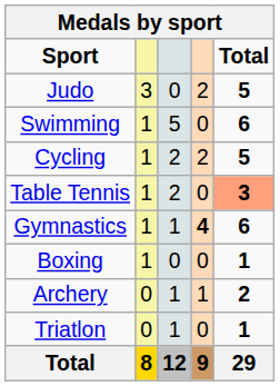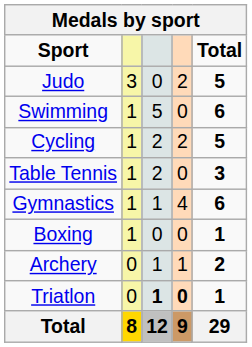 <table class="wikitable" style="font-size:85%">
 <tr style="background:#efefef;">
 <th colspan=5><strong>Medals by sport</strong></th>
 </tr>
 <tr align=center>
 <td><strong>Sport</strong></td>
 <td bgcolor=#f7f6a8></td>
 <td bgcolor=#dce5e5></td>
 <td bgcolor=#ffdab9></td>
 <td><strong>Total</strong></td>
 </tr>
 <tr align=center>
 <td><a href='#'>Judo</a></td>
 <td style="background:#F7F6A8;">3</td>
 <td style="background:#DCE5E5;">0</td>
 <td style="background:#FFDAB9;">2</td>
 <td><strong>5</strong></td>
 </tr>
 <tr align=center>
 <td><a href='#'>Swimming</a></td>
 <td style="background:#F7F6A8;">1</td>
 <td style="background:#DCE5E5;">5</td>
 <td style="background:#FFDAB9;">0</td>
 <td><strong>6</strong></td>
 </tr>
 <tr align=center>
 <td><a href='#'>Cycling</a></td>
 <td style="background:#F7F6A8;">1</td>
 <td style="background:#DCE5E5;">2</td>
 <td style="background:#FFDAB9;">2</td>
 <td><strong>5</strong></td>
 </tr>
 <tr align=center>
 <td><a href='#'>Table Tennis</a></td>
 <td style="background:#F7F6A8;">1</td>
 <td style="background:#DCE5E5;">2</td>
 <td style="background:#FFDAB9;">0</td>
-<td style="background: lightsalmon;"><strong>3</strong></td>
+<td><strong>3</strong></td>
 </tr>
 <tr align=center>
 <td><a href='#'>Gymnastics</a></td>
 <td style="background:#F7F6A8;">1</td>
 <td style="background:#DCE5E5;">1</td>
-<td style="background:#FFDAB9;"><strong>4</strong></td>
+<td style="background:#FFDAB9;">4</td>
 <td><strong>6</strong></td>
 </tr>
 <tr align=center>
 <td><a href='#'>Boxing</a></td>
 <td style="background:#F7F6A8;">1</td>
 <td style="background:#DCE5E5;">0</td>
 <td style="background:#FFDAB9;">0</td>
 <td><strong>1</strong></td>
 </tr>
 <tr align=center>
 <td><a href='#'>Archery</a></td>
 <td style="background:#F7F6A8;">0</td>
 <td style="background:#DCE5E5;">1</td>
 <td style="background:#FFDAB9;">1</td>
 <td><strong>2</strong></td>
 </tr>
 <tr align=center>
 <td><a href='#'>Triatlon</a></td>
 <td style="background:#F7F6A8;">0</td>
-<td style="background:#DCE5E5;">1</td>
-<td style="background:#FFDAB9;">0</td>
+<td style="background:#DCE5E5;"><strong>1</strong></td>
+<td style="background:#FFDAB9;"><strong>0</strong></td>
 <td><strong>1</strong></td>
 </tr>
 <tr align=center>
 <th><strong>Total</strong></th>
 <th style="background:gold;"><strong>8</strong></th>
 <th style="background:silver;"><strong>12</strong></th>
 <th style="background:#c96;"><strong>9</strong></th>
 <th><strong>29</strong></th>
 </tr>
 </table>
